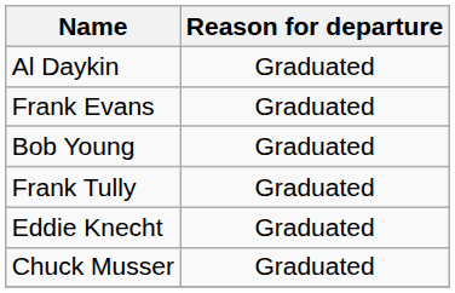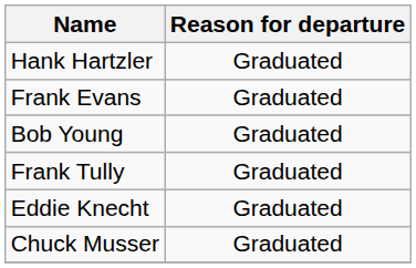 <table class="wikitable sortable"  style="text-align:center; font-size:90%; ">
 <tr>
 <th>Name</th>
 <th class="unsortable">Reason for departure</th>
 </tr>
 <tr>
-<td align="left">Al Daykin</td>
+<td align="left">Hank Hartzler</td>
 <td>Graduated</td>
 </tr>
 <tr>
 <td align="left">Frank Evans</td>
 <td>Graduated</td>
 </tr>
 <tr>
 <td align="left">Bob Young</td>
 <td>Graduated</td>
 </tr>
 <tr>
 <td align="left">Frank Tully</td>
 <td>Graduated</td>
 </tr>
 <tr>
 <td align="left">Eddie Knecht</td>
 <td>Graduated</td>
 </tr>
 <tr>
 <td align="left">Chuck Musser</td>
 <td>Graduated</td>
 </tr>
 <tr>
 </tr>
 </table>
